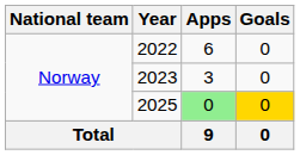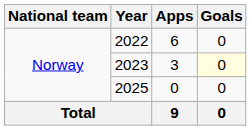 <table class="wikitable" style="text-align:center">
 <tr>
 <th>National team</th>
 <th>Year</th>
 <th>Apps</th>
 <th>Goals</th>
 </tr>
 <tr>
 <td rowspan="3"><a href='#'>Norway</a></td>
 <td>2022</td>
 <td>6</td>
 <td>0</td>
 </tr>
 <tr>
 <td>2023</td>
 <td>3</td>
-<td>0</td>
+<td style="background: lightyellow;">0</td>
 </tr>
 <tr>
 <td>2025</td>
-<td style="background: lightgreen;">0</td>
-<td style="background: gold;">0</td>
+<td>0</td>
+<td>0</td>
 </tr>
 <tr>
 <th colspan="2">Total</th>
 <th>9</th>
 <th>0</th>
 </tr>
 </table>
